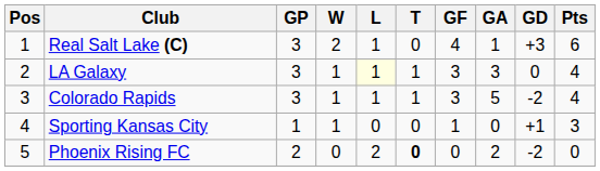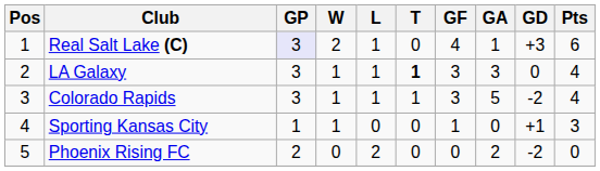 <table class="wikitable" style="text-align:center">
 <tr>
 <th width=30>Pos</th>
 <th width=210>Club</th>
 <th width=30>GP</th>
 <th width=30>W</th>
 <th width=30>L</th>
 <th width=30>T</th>
 <th width=30>GF</th>
 <th width=30>GA</th>
 <th width=30>GD</th>
 <th width=30>Pts</th>
 </tr>
 <tr>
 <td>1</td>
 <td style="text-align:left;"><a href='#'>Real Salt Lake</a> <strong>(C)</strong></td>
-<td>3</td>
+<td style="background: lavender;">3</td>
 <td>2</td>
 <td>1</td>
 <td>0</td>
 <td>4</td>
 <td>1</td>
 <td>+3</td>
 <td>6</td>
 </tr>
 <tr>
 <td>2</td>
 <td style="text-align:left;"><a href='#'>LA Galaxy</a></td>
 <td>3</td>
 <td>1</td>
-<td style="background: lightyellow;">1</td>
 <td>1</td>
+<td><strong>1</strong></td>
 <td>3</td>
 <td>3</td>
 <td>0</td>
 <td>4</td>
 </tr>
 <tr>
 <td>3</td>
 <td style="text-align:left;"><a href='#'>Colorado Rapids</a></td>
 <td>3</td>
 <td>1</td>
 <td>1</td>
 <td>1</td>
 <td>3</td>
 <td>5</td>
 <td>-2</td>
 <td>4</td>
 </tr>
 <tr>
 <td>4</td>
 <td style="text-align:left;"><a href='#'>Sporting Kansas City</a></td>
 <td>1</td>
 <td>1</td>
 <td>0</td>
 <td>0</td>
 <td>1</td>
 <td>0</td>
 <td>+1</td>
 <td>3</td>
 </tr>
 <tr>
 <td>5</td>
 <td style="text-align:left;"><a href='#'>Phoenix Rising FC</a></td>
 <td>2</td>
 <td>0</td>
 <td>2</td>
-<td><strong>0</strong></td>
+<td>0</td>
 <td>0</td>
 <td>2</td>
 <td>-2</td>
 <td>0</td>
 </tr>
 <tr>
 </tr>
 </table>
